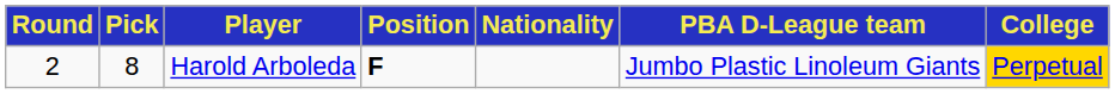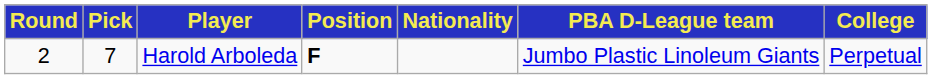 <table class="wikitable sortable sortable">
 <tr>
 <th style="background:#2631C2; color:#F4EB51; ">Round</th>
 <th style="background:#2631C2; color:#F4EB51; ">Pick</th>
 <th style="background:#2631C2; color:#F4EB51; ">Player</th>
 <th style="background:#2631C2; color:#F4EB51; ">Position</th>
 <th style="background:#2631C2; color:#F4EB51; ">Nationality</th>
 <th style="background:#2631C2; color:#F4EB51; ">PBA D-League team</th>
 <th style="background:#2631C2; color:#F4EB51; ">College</th>
 </tr>
 <tr>
 <td align=center>2</td>
-<td align=center>8</td>
+<td align=center>7</td>
 <td><a href='#'>Harold Arboleda</a></td>
 <td><strong>F</strong></td>
 <td></td>
 <td><a href='#'>Jumbo Plastic Linoleum Giants</a></td>
-<td style="background: gold;"><a href='#'>Perpetual</a></td>
+<td><a href='#'>Perpetual</a></td>
 </tr>
 </table>
